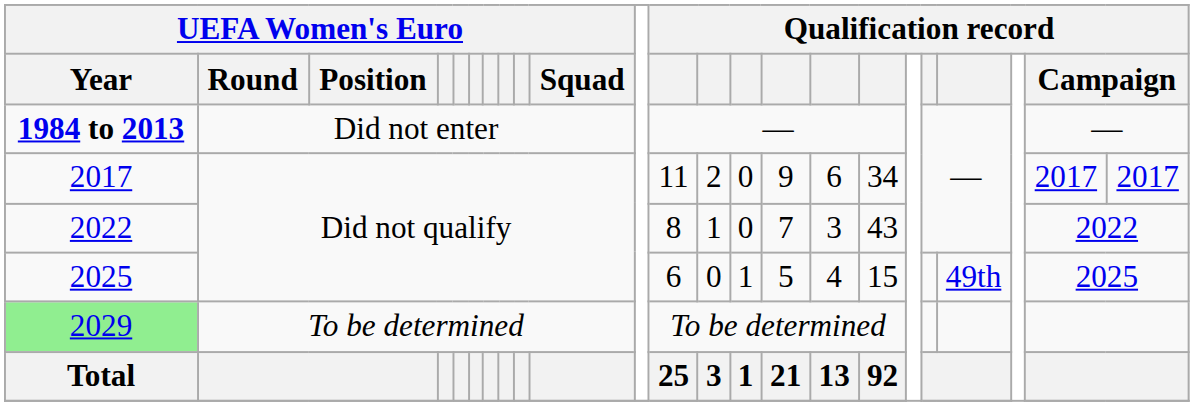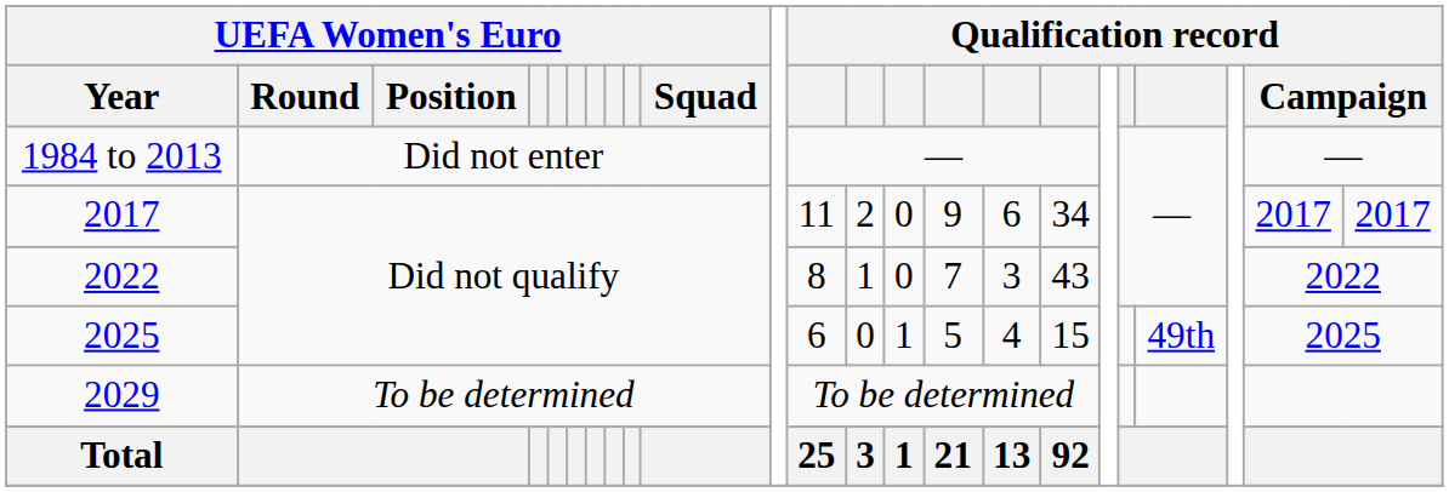 <table class="wikitable" style="text-align: center;">
 <tr>
 <th colspan=10><a href='#'>UEFA Women's Euro</a></th>
 <th style="width:1%;background:white" rowspan=8></th>
 <th colspan=15>Qualification record</th>
 </tr>
 <tr>
 <th>Year</th>
 <th>Round</th>
 <th>Position</th>
 <th></th>
 <th></th>
 <th></th>
 <th></th>
 <th></th>
 <th></th>
 <th>Squad</th>
 <th></th>
 <th></th>
 <th></th>
 <th></th>
 <th></th>
 <th></th>
 <th style="width:1%;background:white" rowspan=11></th>
 <th></th>
 <th></th>
 <th style="width:1%;background:white" rowspan=9></th>
 <th colspan="2">Campaign</th>
 </tr>
 <tr>
-<td><strong><a href='#'>1984</a> to <a href='#'>2013</a></strong></td>
+<td><a href='#'>1984</a> to <a href='#'>2013</a></td>
 <td colspan=9>Did not enter</td>
 <td rowspan=1 colspan=6>—</td>
 <td rowspan=3 colspan=2>—</td>
 <td rowspan=1 colspan=2>—</td>
 </tr>
 <tr>
 <td> <a href='#'>2017</a></td>
 <td rowspan="3" colspan="9">Did not qualify</td>
 <td>11</td>
 <td>2</td>
 <td>0</td>
 <td>9</td>
 <td>6</td>
 <td>34</td>
 <td><a href='#'>2017</a></td>
 <td><a href='#'>2017</a></td>
 </tr>
 <tr>
 <td> <a href='#'>2022</a></td>
 <td>8</td>
 <td>1</td>
 <td>0</td>
 <td>7</td>
 <td>3</td>
 <td>43</td>
 <td colspan= "2"><a href='#'>2022</a></td>
 </tr>
 <tr>
 <td> <a href='#'>2025</a></td>
 <td>6</td>
 <td>0</td>
 <td>1</td>
 <td>5</td>
 <td>4</td>
 <td>15</td>
 <td></td>
 <td><a href='#'>49th</a></td>
 <td colspan= "2"><a href='#'>2025</a></td>
 </tr>
 <tr>
-<td style="background: lightgreen;"> <a href='#'>2029</a></td>
+<td> <a href='#'>2029</a></td>
 <td colspan=9><em>To be determined</em></td>
 <td rowspan=1 colspan=6><em>To be determined</em></td>
 <td></td>
 <td></td>
 <td rowspan=1 colspan=2></td>
 </tr>
 <tr>
 <th>Total</th>
 <th colspan=2></th>
 <th></th>
 <th></th>
 <th></th>
 <th></th>
 <th></th>
 <th></th>
 <th></th>
 <th>25</th>
 <th>3</th>
 <th>1</th>
 <th>21</th>
 <th>13</th>
 <th>92</th>
 <th colspan="2"></th>
 <th colspan="2"></th>
 </tr>
 <tr>
 </tr>
 </table>
